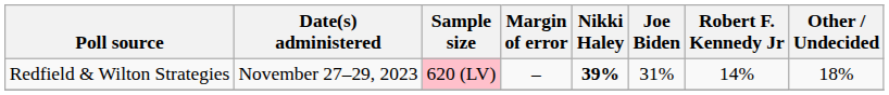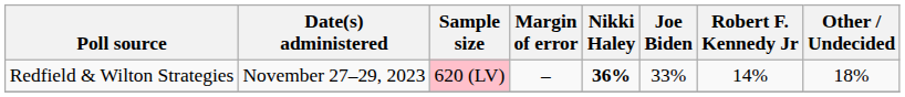 <table class="wikitable sortable mw-datatable" style="font-size:90%;text-align:center;line-height:17px">
 <tr valign=bottom>
 <th>Poll source</th>
 <th>Date(s)<br>administered</th>
 <th>Sample<br>size</th>
 <th>Margin<br>of error</th>
 <th class="unsortable">Nikki<br>Haley<br></th>
 <th class="unsortable">Joe<br>Biden<br></th>
 <th class="unsortable">Robert F.<br>Kennedy Jr<br></th>
 <th class="unsortable">Other /<br>Undecided</th>
 </tr>
 <tr>
 <td style="text-align:left;">Redfield & Wilton Strategies</td>
 <td data-sort-value="2023-12-05">November 27–29, 2023</td>
 <td style="background: pink;">620 (LV)</td>
 <td>–</td>
-<td style="background-color:"><strong>39%</strong></td>
-<td>31%</td>
+<td style="background-color:"><strong>36%</strong></td>
+<td>33%</td>
 <td>14%</td>
 <td>18%</td>
 </tr>
 <tr>
 </tr>
 </table>
